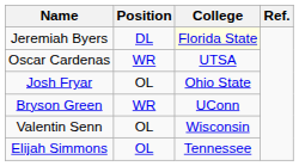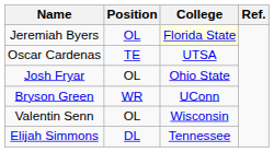 <table class="wikitable" style="text-align:center">
 <tr>
 <th>Name</th>
 <th>Position</th>
 <th>College</th>
 <th>Ref.</th>
 </tr>
 <tr>
 <td>Jeremiah Byers</td>
-<td><a href='#'>DL</a></td>
+<td><a href='#'>OL</a></td>
 <td style="background: lightyellow;"><a href='#'>Florida State</a></td>
 <td rowspan="6"></td>
 </tr>
 <tr>
 <td>Oscar Cardenas</td>
-<td><a href='#'>WR</a></td>
+<td><a href='#'>TE</a></td>
 <td><a href='#'>UTSA</a></td>
 </tr>
 <tr>
 <td><a href='#'>Josh Fryar</a></td>
 <td>OL</td>
 <td><a href='#'>Ohio State</a></td>
 </tr>
 <tr>
 <td><a href='#'>Bryson Green</a></td>
 <td><a href='#'>WR</a></td>
 <td><a href='#'>UConn</a></td>
 </tr>
 <tr>
 <td>Valentin Senn</td>
 <td>OL</td>
 <td><a href='#'>Wisconsin</a></td>
 </tr>
 <tr>
 <td><a href='#'>Elijah Simmons</a></td>
-<td><a href='#'>OL</a></td>
+<td><a href='#'>DL</a></td>
 <td><a href='#'>Tennessee</a></td>
 </tr>
 </table>
